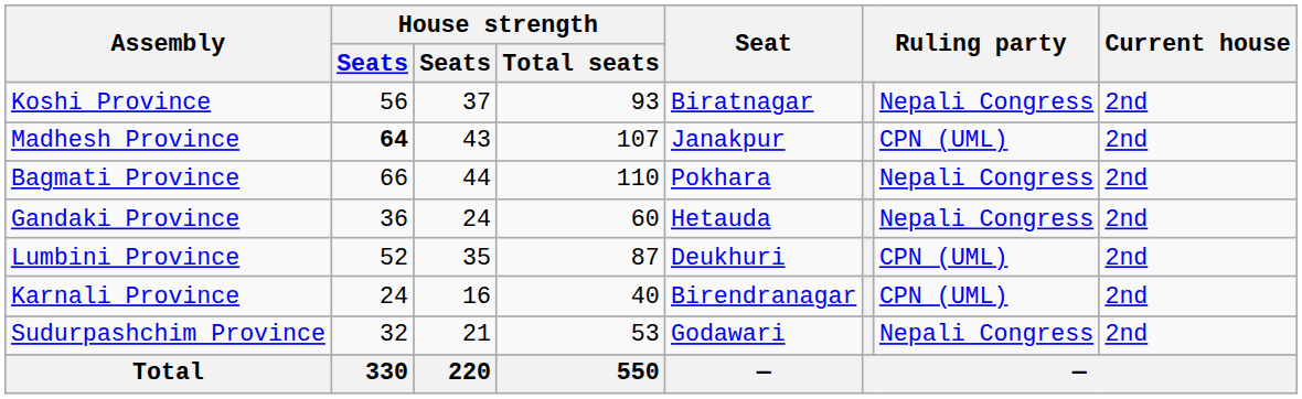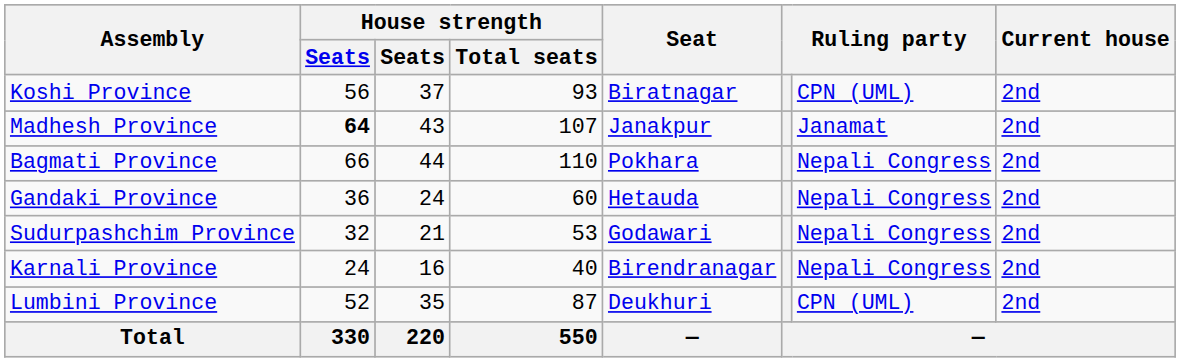 <table class="wikitable">
 <tr>
 <th rowspan="2">Assembly</th>
 <th colspan="3">House strength</th>
 <th rowspan="2">Seat</th>
 <th colspan="2" rowspan="2">Ruling party</th>
 <th rowspan="2">Current house</th>
 </tr>
 <tr>
 <th><a href='#'> Seats</a></th>
 <th> Seats</th>
 <th>Total seats</th>
 </tr>
 <tr>
 <td><a href='#'>Koshi Province</a></td>
 <td style="text-align:right;">56</td>
 <td style="text-align:right;">37</td>
 <td style="text-align:right;">93</td>
 <td><a href='#'>Biratnagar</a></td>
 <th style="background:"></th>
-<td><a href='#'>Nepali Congress</a></td>
+<td><a href='#'>CPN (UML)</a></td>
 <td><a href='#'>2nd</a></td>
 </tr>
 <tr>
 <td><a href='#'>Madhesh Province</a></td>
 <td style="text-align:right;"><strong>64</strong></td>
 <td style="text-align:right;">43</td>
 <td style="text-align:right;">107</td>
 <td><a href='#'>Janakpur</a></td>
 <th style="background:"></th>
-<td><a href='#'>CPN (UML)</a></td>
+<td><a href='#'>Janamat</a></td>
 <td><a href='#'>2nd</a></td>
 </tr>
 <tr>
 <td><a href='#'>Bagmati Province</a></td>
 <td style="text-align:right;">66</td>
 <td style="text-align:right;">44</td>
 <td style="text-align:right;">110</td>
 <td><a href='#'>Pokhara</a></td>
 <th style="background:"></th>
 <td><a href='#'>Nepali Congress</a></td>
 <td><a href='#'>2nd</a></td>
 </tr>
 <tr>
 <td><a href='#'>Gandaki Province</a></td>
 <td style="text-align:right;">36</td>
 <td style="text-align:right;">24</td>
 <td style="text-align:right;">60</td>
 <td><a href='#'>Hetauda</a></td>
 <th style="background:"></th>
 <td><a href='#'>Nepali Congress</a></td>
 <td><a href='#'>2nd</a></td>
 </tr>
 <tr>
-<td><a href='#'>Lumbini Province</a></td>
-<td style="text-align:right;">52</td>
-<td style="text-align:right;">35</td>
-<td style="text-align:right;">87</td>
-<td><a href='#'>Deukhuri</a></td>
+<td><a href='#'>Sudurpashchim Province</a></td>
+<td style="text-align:right;">32</td>
+<td style="text-align:right;">21</td>
+<td style="text-align:right;">53</td>
+<td><a href='#'>Godawari</a></td>
 <th style="background:"></th>
-<td><a href='#'>CPN (UML)</a></td>
+<td><a href='#'>Nepali Congress</a></td>
 <td><a href='#'>2nd</a></td>
 </tr>
 <tr>
 <td><a href='#'>Karnali Province</a></td>
 <td style="text-align:right;">24</td>
 <td style="text-align:right;">16</td>
 <td style="text-align:right;">40</td>
 <td><a href='#'>Birendranagar</a></td>
 <th style="background:"></th>
-<td><a href='#'>CPN (UML)</a></td>
+<td><a href='#'>Nepali Congress</a></td>
 <td><a href='#'>2nd</a></td>
 </tr>
 <tr>
-<td><a href='#'>Sudurpashchim Province</a></td>
-<td style="text-align:right;">32</td>
-<td style="text-align:right;">21</td>
-<td style="text-align:right;">53</td>
-<td><a href='#'>Godawari</a></td>
+<td><a href='#'>Lumbini Province</a></td>
+<td style="text-align:right;">52</td>
+<td style="text-align:right;">35</td>
+<td style="text-align:right;">87</td>
+<td><a href='#'>Deukhuri</a></td>
 <th style="background:"></th>
-<td><a href='#'>Nepali Congress</a></td>
+<td><a href='#'>CPN (UML)</a></td>
 <td><a href='#'>2nd</a></td>
 </tr>
 <tr>
 <th><strong>Total</strong></th>
 <th style="text-align:right;"><strong>330</strong></th>
 <th style="text-align:right;"><strong>220</strong></th>
 <th style="text-align:right;"><strong>550</strong></th>
 <th>—</th>
 <th colspan="3">—</th>
 </tr>
 </table>
